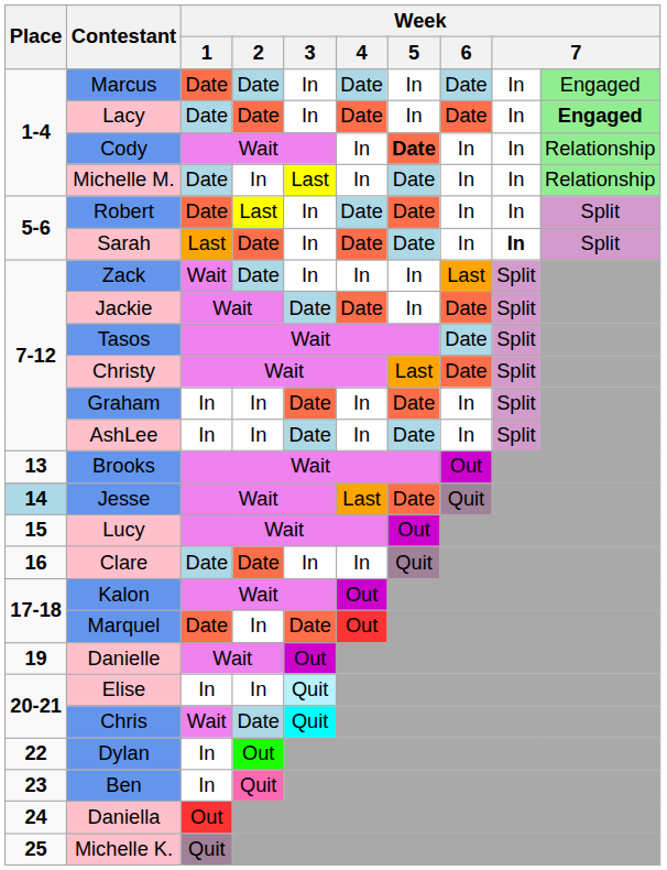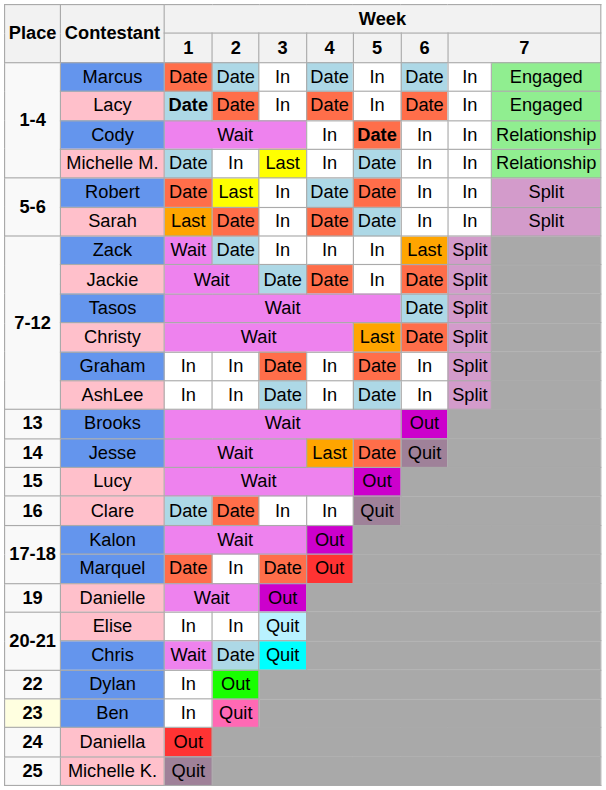 <table class="wikitable" style="text-align:center">
 <tr>
 <th rowspan=2>Place</th>
 <th rowspan=2>Contestant</th>
 <th colspan=8>Week</th>
 </tr>
 <tr>
 <th>1</th>
 <th>2</th>
 <th>3</th>
 <th>4</th>
 <th>5</th>
 <th>6</th>
 <th colspan=2>7</th>
 </tr>
 <tr>
 <td rowspan=4><strong>1-4</strong></td>
 <td bgcolor="6495ED">Marcus</td>
 <td bgcolor="#FF6E4A">Date</td>
 <td bgcolor="#ADD8E6">Date</td>
 <td bgcolor="FFFFFF">In</td>
 <td bgcolor="#ADD8e6">Date</td>
 <td bgcolor="FFFFFF">In</td>
 <td bgcolor="#ADD8e6">Date</td>
 <td bgcolor="FFFFFF">In</td>
 <td bgcolor="90EE90">Engaged</td>
 </tr>
 <tr>
 <td bgcolor="FFC0CB">Lacy</td>
-<td bgcolor="#Add8e6">Date</td>
+<td bgcolor="#Add8e6"><strong>Date</strong></td>
 <td bgcolor="#FF6e4a">Date</td>
 <td bgcolor="FFFFFF">In</td>
 <td bgcolor="#FF6E4A">Date</td>
 <td bgcolor="FFFFFF">In</td>
 <td bgcolor="#FF6E4A">Date</td>
 <td bgcolor="FFFFFF">In</td>
-<td bgcolor="90EE90"><strong>Engaged</strong></td>
+<td bgcolor="90EE90">Engaged</td>
 </tr>
 <tr>
 <td bgcolor="6495ED">Cody</td>
 <td bgcolor="violet" colspan=3>Wait</td>
 <td bgcolor="FFFFFF">In</td>
 <td bgcolor="#FF6e4A"><strong>Date</strong></td>
 <td bgcolor="FFFFFF">In</td>
 <td bgcolor="FFFFFF">In</td>
 <td bgcolor="90EE90">Relationship</td>
 </tr>
 <tr>
 <td bgcolor="FFC0CB">Michelle M.</td>
 <td bgcolor="#ADD8e6">Date</td>
 <td bgcolor="FFFFFF">In</td>
 <td bgcolor="#FFFF00">Last</td>
 <td bgcolor="FFFFFF">In</td>
 <td bgcolor="#ADD8e6">Date</td>
 <td bgcolor="FFFFFF">In</td>
 <td bgcolor="FFFFFF">In</td>
 <td bgcolor="90EE90">Relationship</td>
 </tr>
 <tr>
 <td rowspan=2><strong>5-6</strong></td>
 <td bgcolor="6495ED">Robert</td>
 <td bgcolor="#FF6E4A">Date</td>
 <td bgcolor="#FFFF00">Last</td>
 <td bgcolor="FFFFFF">In</td>
 <td bgcolor="#ADD8e6">Date</td>
 <td bgcolor="#FF6E4A">Date</td>
 <td bgcolor="FFFFFF">In</td>
 <td bgcolor="FFFFFF">In</td>
 <td bgcolor="#D39BCB">Split</td>
 </tr>
 <tr>
 <td bgcolor="FFC0CB">Sarah</td>
 <td bgcolor="FFA500">Last</td>
 <td bgcolor="#FF6e4A">Date</td>
 <td bgcolor="FFFFFF">In</td>
 <td bgcolor="#FF6e4A">Date</td>
 <td bgcolor="#ADD8e6">Date</td>
 <td bgcolor="FFFFFF">In</td>
-<td bgcolor="FFFFFF"><strong>In</strong></td>
+<td bgcolor="FFFFFF">In</td>
 <td bgcolor=#D39BCB>Split</td>
 </tr>
 <tr>
 <td rowspan=6><strong>7-12</strong></td>
 <td bgcolor="6495ED">Zack</td>
 <td bgcolor="violet">Wait</td>
 <td bgcolor="#add8e6">Date</td>
 <td bgcolor="FFFFFF">In</td>
 <td bgcolor="FFFFFF">In</td>
 <td bgcolor="FFFFFF">In</td>
 <td bgcolor="FFA500">Last</td>
 <td bgcolor="#D39BCB">Split</td>
 <td bgcolor="A9A9A9" colspan=2></td>
 </tr>
 <tr>
 <td bgcolor="FFC0CB">Jackie</td>
 <td bgcolor="violet" colspan=2>Wait</td>
 <td bgcolor="#ADD8E6">Date</td>
 <td bgcolor="#FF6E4A">Date</td>
 <td bgcolor="FFFFFF">In</td>
 <td bgcolor="#FF6E4A">Date</td>
 <td bgcolor=#D39BCB>Split</td>
 <td bgcolor="A9A9A9" colspan=2></td>
 </tr>
 <tr>
 <td bgcolor="6495ED">Tasos</td>
 <td bgcolor="violet" colspan=5>Wait</td>
 <td bgcolor="#ADD8e6">Date</td>
 <td bgcolor="#D39BCB">Split</td>
 <td bgcolor="A9A9A9" colspan=2></td>
 </tr>
 <tr>
 <td bgcolor="FFC0CB">Christy</td>
 <td bgcolor="violet" colspan=4>Wait</td>
 <td bgcolor="FFA500">Last</td>
 <td bgcolor="#FF6E4A">Date</td>
 <td bgcolor="#D39BCB">Split</td>
 <td bgcolor="A9A9A9" colspan=2></td>
 </tr>
 <tr>
 <td bgcolor="6495ED">Graham</td>
 <td bgcolor="FFFFFF">In</td>
 <td bgcolor="FFFFFF">In</td>
 <td bgcolor="#FF6E4A">Date</td>
 <td bgcolor="FFFFFF">In</td>
 <td bgcolor="#FF6e4A">Date</td>
 <td bgcolor="FFFFFF">In</td>
 <td bgcolor="#D39BCB">Split</td>
 <td bgcolor="A9A9A9" colspan=2></td>
 </tr>
 <tr>
 <td bgcolor="FFC0CB">AshLee</td>
 <td bgcolor="FFFFFF">In</td>
 <td bgcolor="FFFFFF">In</td>
 <td bgcolor="#ADD8E6">Date</td>
 <td bgcolor="FFFFFF">In</td>
 <td bgcolor="#ADD8e6">Date</td>
 <td bgcolor="FFFFFF">In</td>
 <td bgcolor="#D39BCB">Split</td>
 <td bgcolor="A9A9A9" colspan=2></td>
 </tr>
 <tr>
 <td><strong>13</strong></td>
 <td bgcolor="6495ED">Brooks</td>
 <td bgcolor="violet" colspan=5>Wait</td>
 <td bgcolor="#CC00CC">Out</td>
 <td bgcolor="A9A9A9" colspan=2></td>
 </tr>
 <tr>
-<td style="background: lightblue;"><strong>14</strong></td>
+<td><strong>14</strong></td>
 <td bgcolor="6495ED">Jesse</td>
 <td bgcolor="violet" colspan=3>Wait</td>
 <td bgcolor="FFA500">Last</td>
 <td bgcolor="#FF6e4A">Date</td>
 <td bgcolor="#9F8199">Quit</td>
 <td bgcolor="A9A9A9" colspan=2></td>
 </tr>
 <tr>
 <td><strong>15</strong></td>
 <td bgcolor="FFC0CB">Lucy</td>
 <td bgcolor="violet" colspan=4>Wait</td>
 <td bgcolor="#CC00CC">Out</td>
 <td bgcolor="A9A9A9" colspan=3></td>
 </tr>
 <tr>
 <td><strong>16</strong></td>
 <td bgcolor="FFC0CB">Clare</td>
 <td bgcolor="#ADD8e6">Date</td>
 <td bgcolor="#FF6E4A">Date</td>
 <td bgcolor="FFFFFF">In</td>
 <td bgcolor="FFFFFF">In</td>
 <td bgcolor="#9F8199">Quit</td>
 <td bgcolor="A9A9A9" colspan=3></td>
 </tr>
 <tr>
 <td rowspan=2><strong>17-18</strong></td>
 <td bgcolor="6495ED">Kalon</td>
 <td bgcolor="violet" colspan=3>Wait</td>
 <td bgcolor="#CC00CC">Out</td>
 <td bgcolor="A9A9A9" colspan=4></td>
 </tr>
 <tr>
 <td bgcolor="6495ED">Marquel</td>
 <td bgcolor="#FF6E4A">Date</td>
 <td bgcolor="FFFFFF">In</td>
 <td bgcolor="#FF6E4A">Date</td>
 <td bgcolor="#FF3333">Out</td>
 <td bgcolor="A9A9A9" colspan=4></td>
 </tr>
 <tr>
 <td><strong>19</strong></td>
 <td bgcolor="FFC0CB">Danielle</td>
 <td bgcolor="violet" colspan=2>Wait</td>
 <td bgcolor="#CC00CC">Out</td>
 <td bgcolor="A9A9A9" colspan=5></td>
 </tr>
 <tr>
 <td rowspan=2><strong>20-21</strong></td>
 <td bgcolor="FFC0CB">Elise</td>
 <td bgcolor="FFFFFF">In</td>
 <td bgcolor="FFFFFF">In</td>
 <td bgcolor="#B9F2FF">Quit</td>
 <td bgcolor="A9A9A9" colspan=5></td>
 </tr>
 <tr>
 <td bgcolor="6495ED">Chris</td>
 <td bgcolor="violet">Wait</td>
 <td bgcolor="#Add8e6">Date</td>
 <td bgcolor="aqua">Quit</td>
 <td bgcolor="A9A9A9" colspan=5></td>
 </tr>
 <tr>
 <td><strong>22</strong></td>
 <td bgcolor="6495ED">Dylan</td>
 <td bgcolor="FFFFFF">In</td>
 <td bgcolor="#19FF00">Out</td>
 <td bgcolor="A9A9A9" colspan=6></td>
 </tr>
 <tr>
-<td><strong>23</strong></td>
+<td style="background: lightyellow;"><strong>23</strong></td>
 <td bgcolor="6495ED">Ben</td>
 <td bgcolor="FFFFFF">In</td>
 <td bgcolor="hotpink">Quit</td>
 <td bgcolor="A9A9A9" colspan=6></td>
 </tr>
 <tr>
 <td><strong>24</strong></td>
 <td bgcolor="FFC0CB">Daniella</td>
 <td bgcolor="#FF3333">Out</td>
 <td bgcolor="A9A9A9" colspan=7></td>
 </tr>
 <tr>
 <td><strong>25</strong></td>
 <td bgcolor="FFC0CB">Michelle K.</td>
 <td bgcolor="#9F8199">Quit</td>
 <td bgcolor="A9A9A9" colspan=7></td>
 </tr>
 </table>
